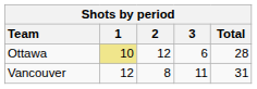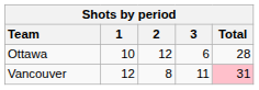 <table class="wikitable" style="width:20em; text-align:right;">
 <tr>
 <th colspan=6>Shots by period</th>
 </tr>
 <tr>
 <th style="width:8em; text-align:left;">Team</th>
 <th style="width:3em;">1</th>
 <th style="width:3em;">2</th>
 <th style="width:3em;">3</th>
 <th style="width:3em;">Total</th>
 </tr>
 <tr>
 <td style="text-align:left;">Ottawa</td>
-<td style="background: khaki;">10</td>
+<td>10</td>
 <td>12</td>
 <td>6</td>
 <td>28</td>
 </tr>
 <tr>
 <td style="text-align:left;">Vancouver</td>
 <td>12</td>
 <td>8</td>
 <td>11</td>
-<td>31</td>
+<td style="background: pink;">31</td>
 </tr>
 </table>
